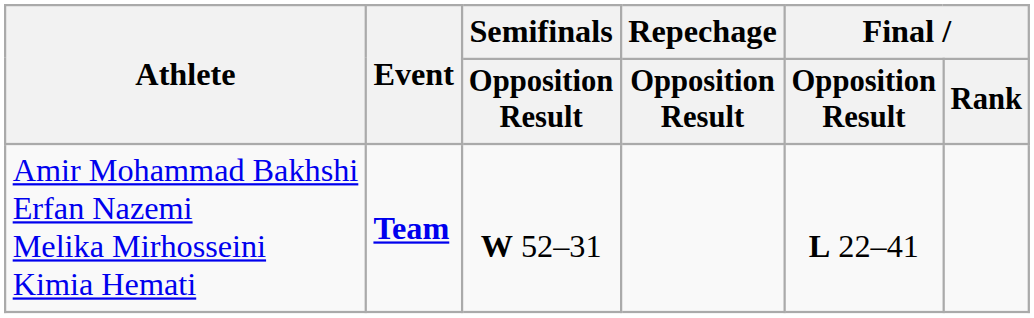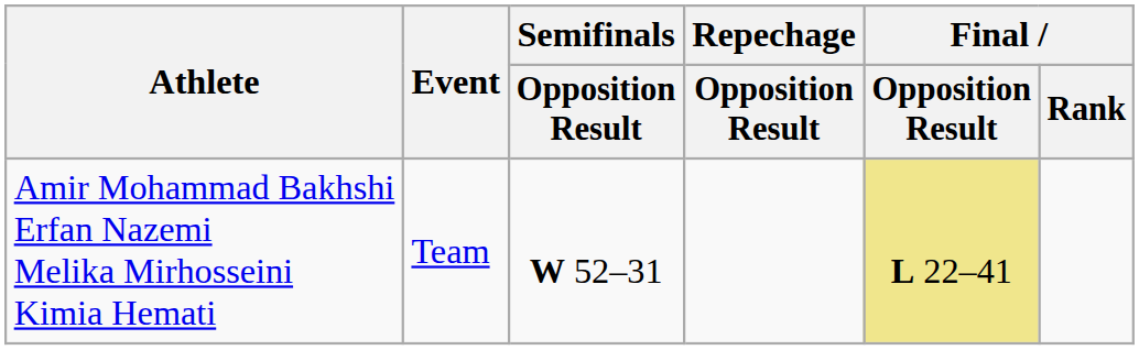 <table class="wikitable" style="font-size:90%;">
 <tr>
 <th rowspan=2>Athlete</th>
 <th rowspan=2>Event</th>
 <th>Semifinals</th>
 <th>Repechage</th>
 <th colspan=2>Final / </th>
 </tr>
 <tr style="font-size:95%">
 <th>Opposition<br>Result</th>
 <th>Opposition<br>Result</th>
 <th>Opposition<br>Result</th>
 <th>Rank</th>
 </tr>
 <tr align=center>
 <td align=left><a href='#'>Amir Mohammad Bakhshi</a><br><a href='#'>Erfan Nazemi</a><br><a href='#'>Melika Mirhosseini</a><br><a href='#'>Kimia Hemati</a></td>
-<td align=left><strong><a href='#'>Team</a></strong></td>
+<td align=left><a href='#'>Team</a></td>
 <td><br><strong>W</strong> 52–31</td>
 <td></td>
-<td><br><strong>L</strong> 22–41</td>
+<td style="background: khaki;"><br><strong>L</strong> 22–41</td>
 <td></td>
 </tr>
 </table>
